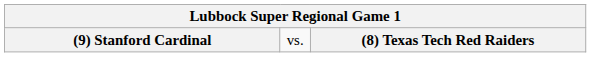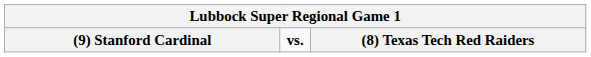 <table class="wikitable">
 <tr>
 <th style="width: 604px;" colspan=3>Lubbock Super Regional Game 1</th>
 </tr>
 <tr>
 <th style="width: 289px; ">(9) Stanford Cardinal</th>
-<td style="width: 25px; text-align:center">vs.</td>
+<td style="width: 25px; text-align:center"><strong>vs.</strong></td>
 <th style="width: 289px; ">(8) Texas Tech Red Raiders</th>
 </tr>
 </table>
